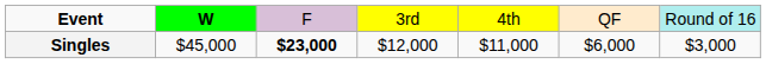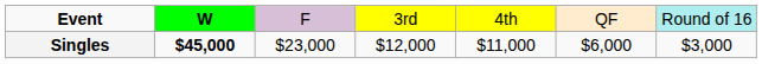 <table class=wikitable style=font-size:95%;text-align:center>
 <tr>
 <td style="width:130px"><strong>Event</strong></td>
 <td style="width:85px; background:lime"><strong>W</strong></td>
 <td style="width:85px; background:thistle">F</td>
 <td style="width:85px; background:#ffff00">3rd</td>
 <td style="width:85px; background:#ffff00">4th</td>
 <td style="width:85px; background:#ffebcd">QF</td>
 <td style="width:85px; background:#afeeee">Round of 16</td>
 </tr>
 <tr>
 <th style=background:#f3f3f3>Singles </th>
-<td>$45,000</td>
-<td><strong>$23,000</strong></td>
+<td><strong>$45,000</strong></td>
+<td>$23,000</td>
 <td>$12,000</td>
 <td>$11,000</td>
 <td>$6,000</td>
 <td>$3,000</td>
 </tr>
 </table>
